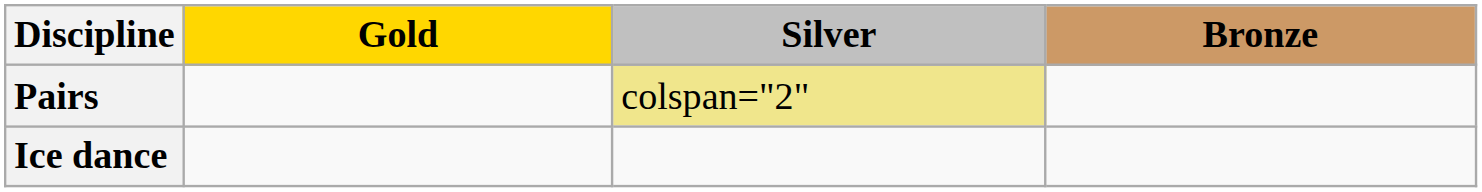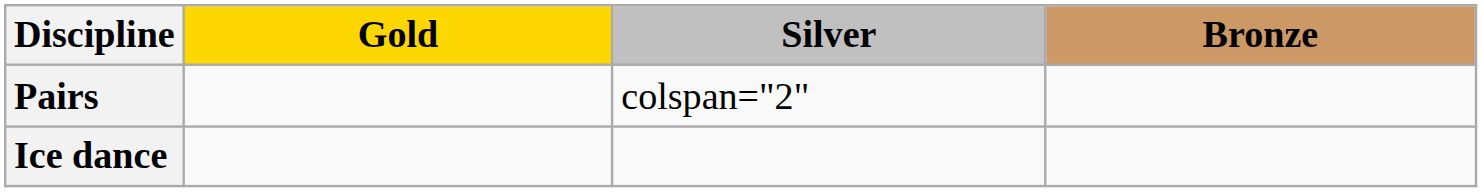 <table class="wikitable unsortable" style="text-align:left; width:70%">
 <tr>
 <th scope="col">Discipline</th>
 <td scope="col" style="text-align:center; width:30%; background:gold"><strong>Gold</strong></td>
 <td scope="col" style="text-align:center; width:30%; background:silver"><strong>Silver</strong></td>
 <td scope="col" style="text-align:center; width:30%; background:#c96"><strong>Bronze</strong></td>
 </tr>
 <tr>
 <th scope="row" style="text-align:left">Pairs</th>
 <td></td>
-<td style="background: khaki;">colspan="2" </td>
+<td>colspan="2" </td>
 </tr>
 <tr>
 <th scope="row" style="text-align:left">Ice dance</th>
 <td></td>
 <td></td>
 <td></td>
 </tr>
 </table>
